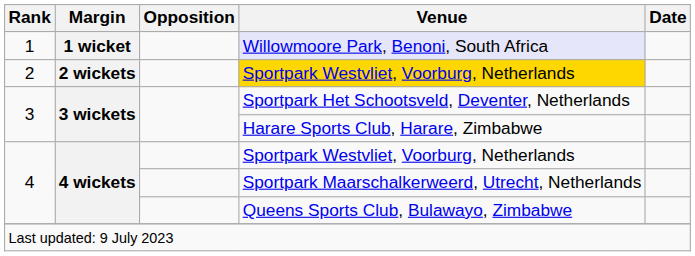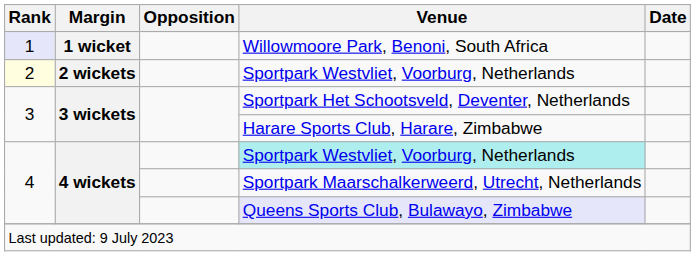 <table class="wikitable plainrowheaders sortable">
 <tr>
 <th scope=col>Rank</th>
 <th scope=col>Margin</th>
 <th scope=col>Opposition</th>
 <th scope=col>Venue</th>
 <th scope=col>Date</th>
 </tr>
 <tr>
-<td align=center>1</td>
+<td align=center style="background: lavender;">1</td>
 <th scope=row style=text-align:center;>1 wicket</th>
 <td></td>
-<td style="background: lavender;"><a href='#'>Willowmoore Park</a>, <a href='#'>Benoni</a>, South Africa</td>
+<td><a href='#'>Willowmoore Park</a>, <a href='#'>Benoni</a>, South Africa</td>
 <td></td>
 </tr>
 <tr>
-<td align=center>2</td>
+<td align=center style="background: lightyellow;">2</td>
 <th scope=row style=text-align:center;>2 wickets</th>
 <td></td>
-<td style="background: gold;"><a href='#'>Sportpark Westvliet</a>, <a href='#'>Voorburg</a>, Netherlands</td>
+<td><a href='#'>Sportpark Westvliet</a>, <a href='#'>Voorburg</a>, Netherlands</td>
 <td></td>
 </tr>
 <tr>
 <td align=center rowspan=2>3</td>
 <th scope=row style=text-align:center; rowspan=2>3 wickets</th>
 <td rowspan=2></td>
 <td><a href='#'>Sportpark Het Schootsveld</a>, <a href='#'>Deventer</a>, Netherlands</td>
 <td></td>
 </tr>
 <tr>
 <td><a href='#'>Harare Sports Club</a>, <a href='#'>Harare</a>, Zimbabwe</td>
 <td></td>
 </tr>
 <tr>
 <td rowspan="3" align="center">4</td>
 <th rowspan="3" scope="row" style="text-align:center;">4 wickets</th>
 <td></td>
-<td><a href='#'>Sportpark Westvliet</a>, <a href='#'>Voorburg</a>, Netherlands</td>
+<td style="background: paleturquoise;"><a href='#'>Sportpark Westvliet</a>, <a href='#'>Voorburg</a>, Netherlands</td>
 <td></td>
 </tr>
 <tr>
 <td></td>
 <td><a href='#'>Sportpark Maarschalkerweerd</a>, <a href='#'>Utrecht</a>, Netherlands</td>
 <td></td>
 </tr>
 <tr>
 <td></td>
-<td><a href='#'>Queens Sports Club</a>, <a href='#'>Bulawayo</a>, <a href='#'>Zimbabwe</a></td>
+<td style="background: lavender;"><a href='#'>Queens Sports Club</a>, <a href='#'>Bulawayo</a>, <a href='#'>Zimbabwe</a></td>
 <td> </td>
 </tr>
 <tr>
 </tr>
 <tr class=sortbottom>
 <td colspan=6><small>Last updated: 9 July 2023</small></td>
 </tr>
 </table>
